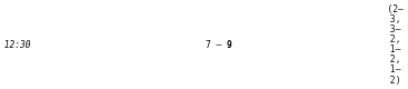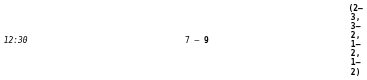 <table style="text-align:center">
 <tr>
 <th width=100></th>
 <th width=200></th>
 <th width=100></th>
 <th width=200></th>
 </tr>
 <tr>
 <td><em>12:30</em></td>
 <td align=right></td>
 <td>7 – <strong>9</strong></td>
 <td align=left><strong></strong></td>
-<td>(2–3, 3–2, 1–2, 1–2)</td>
+<td><strong>(2–3, 3–2, 1–2, 1–2)</strong></td>
 </tr>
 </table>
